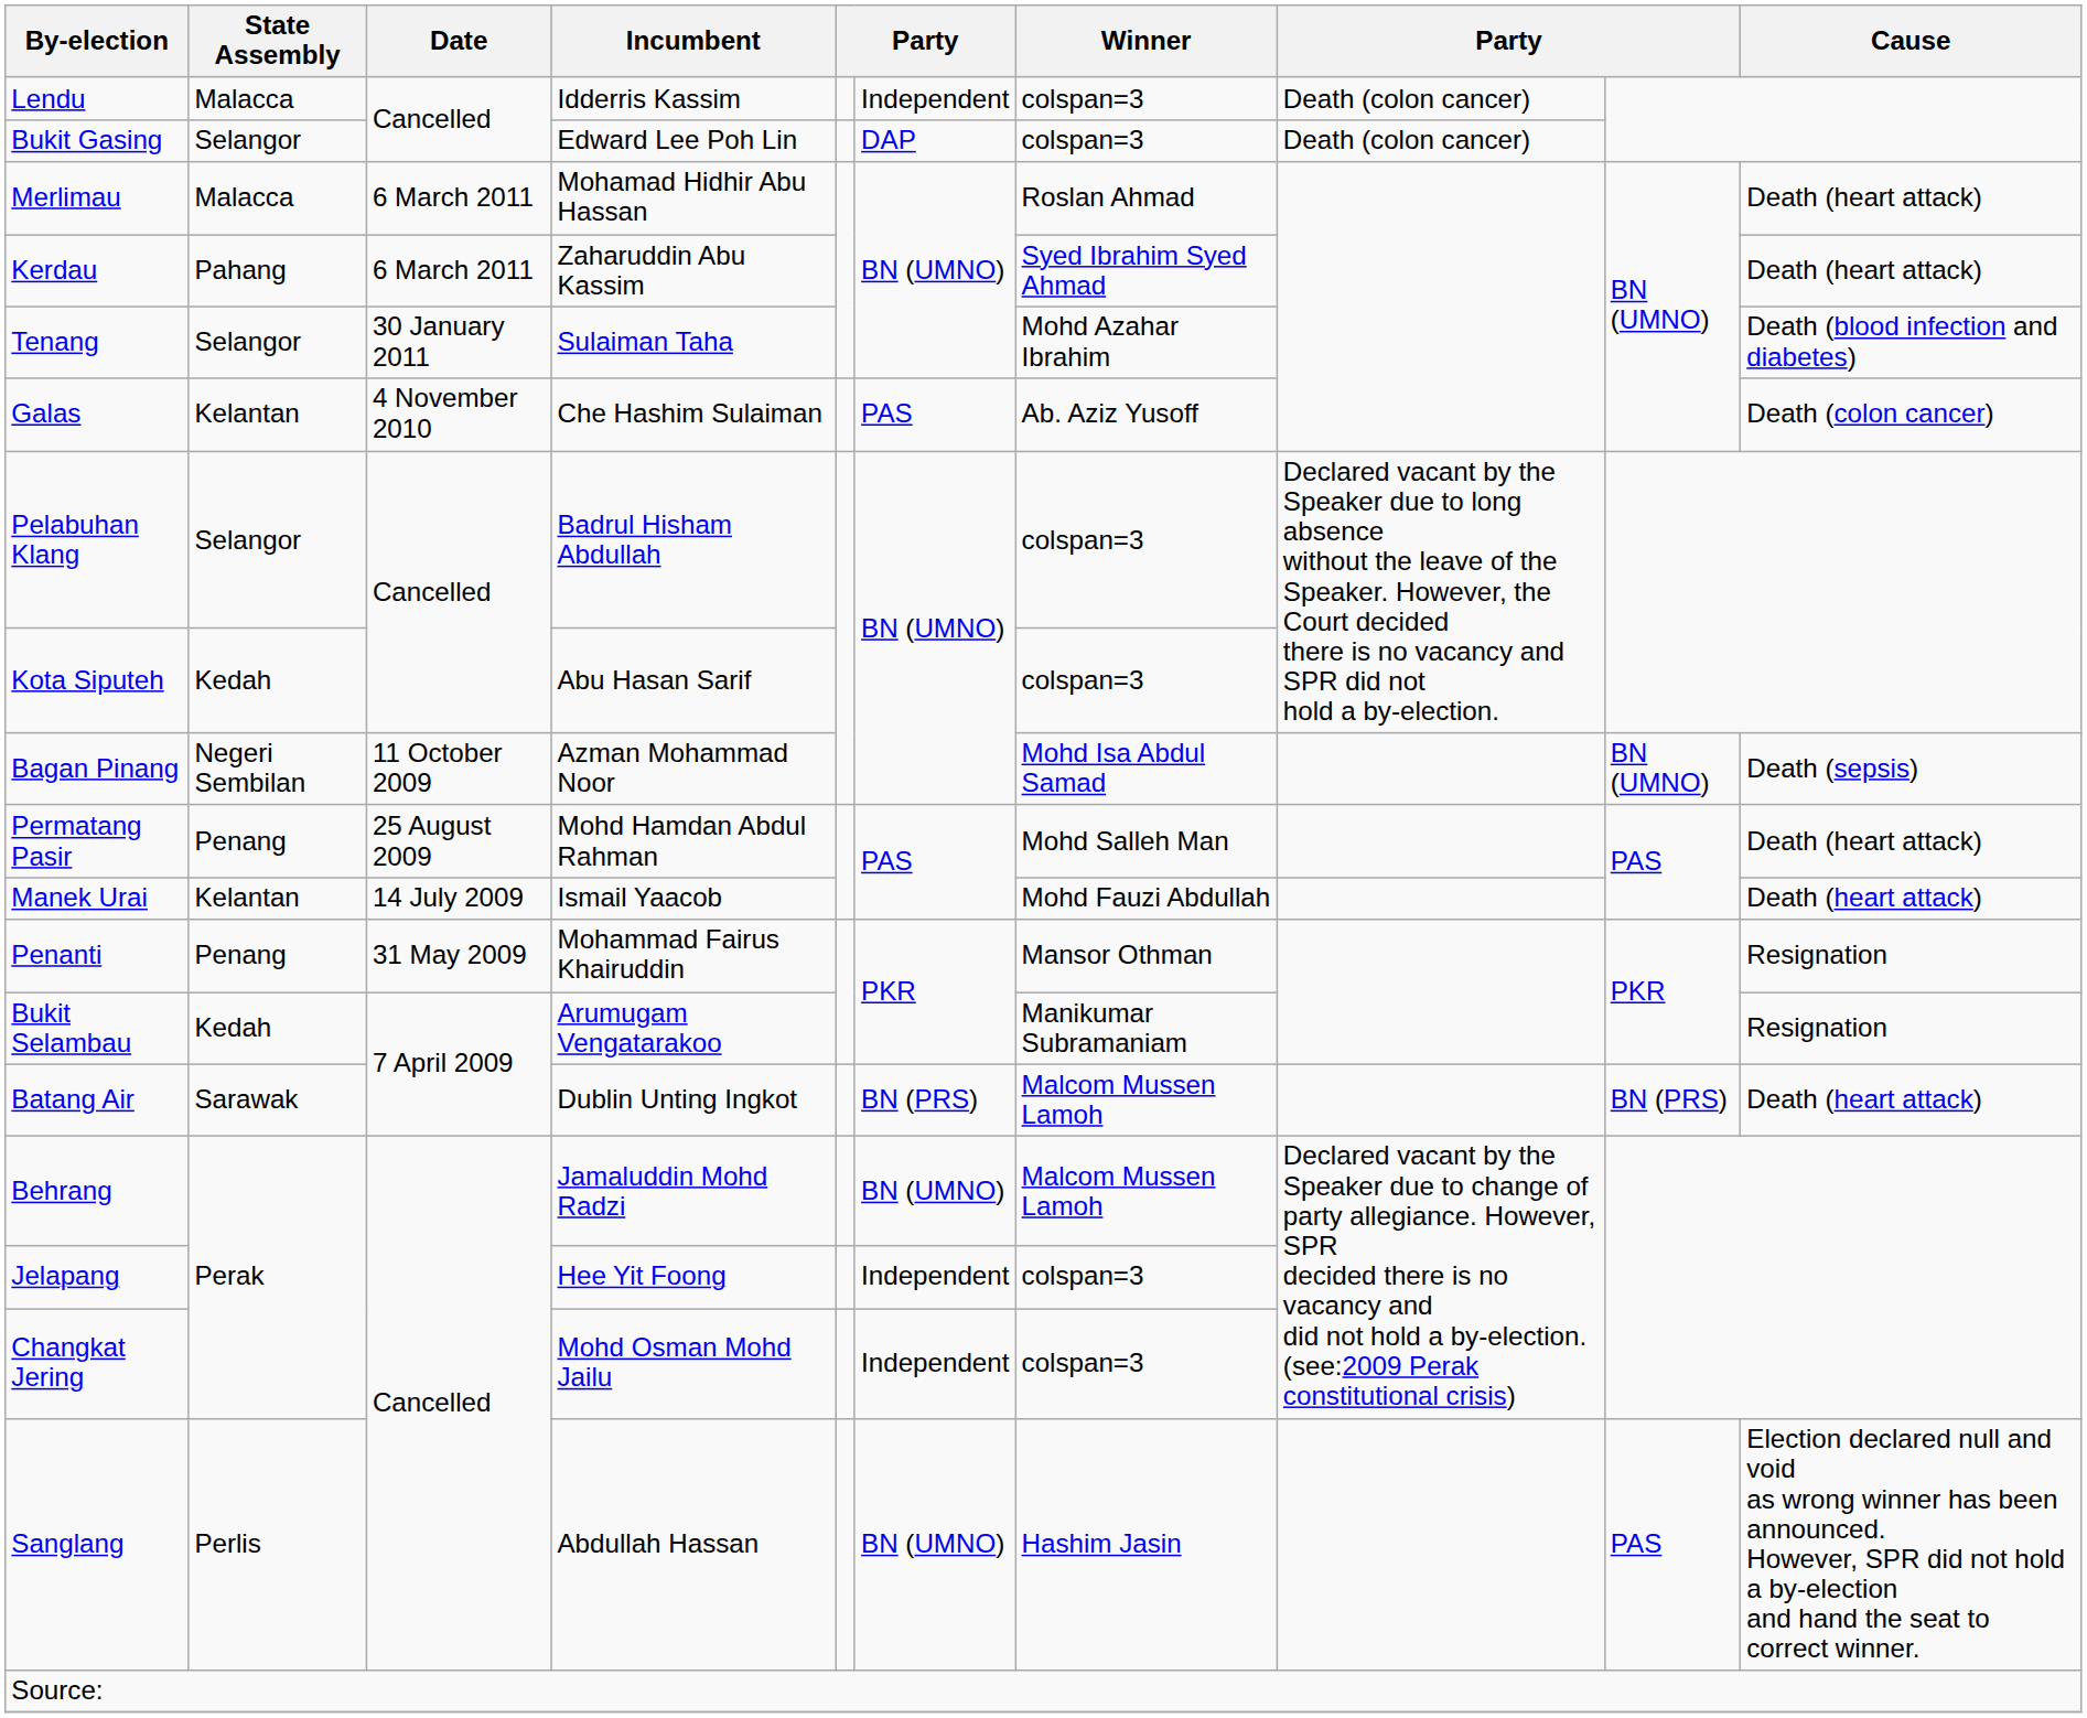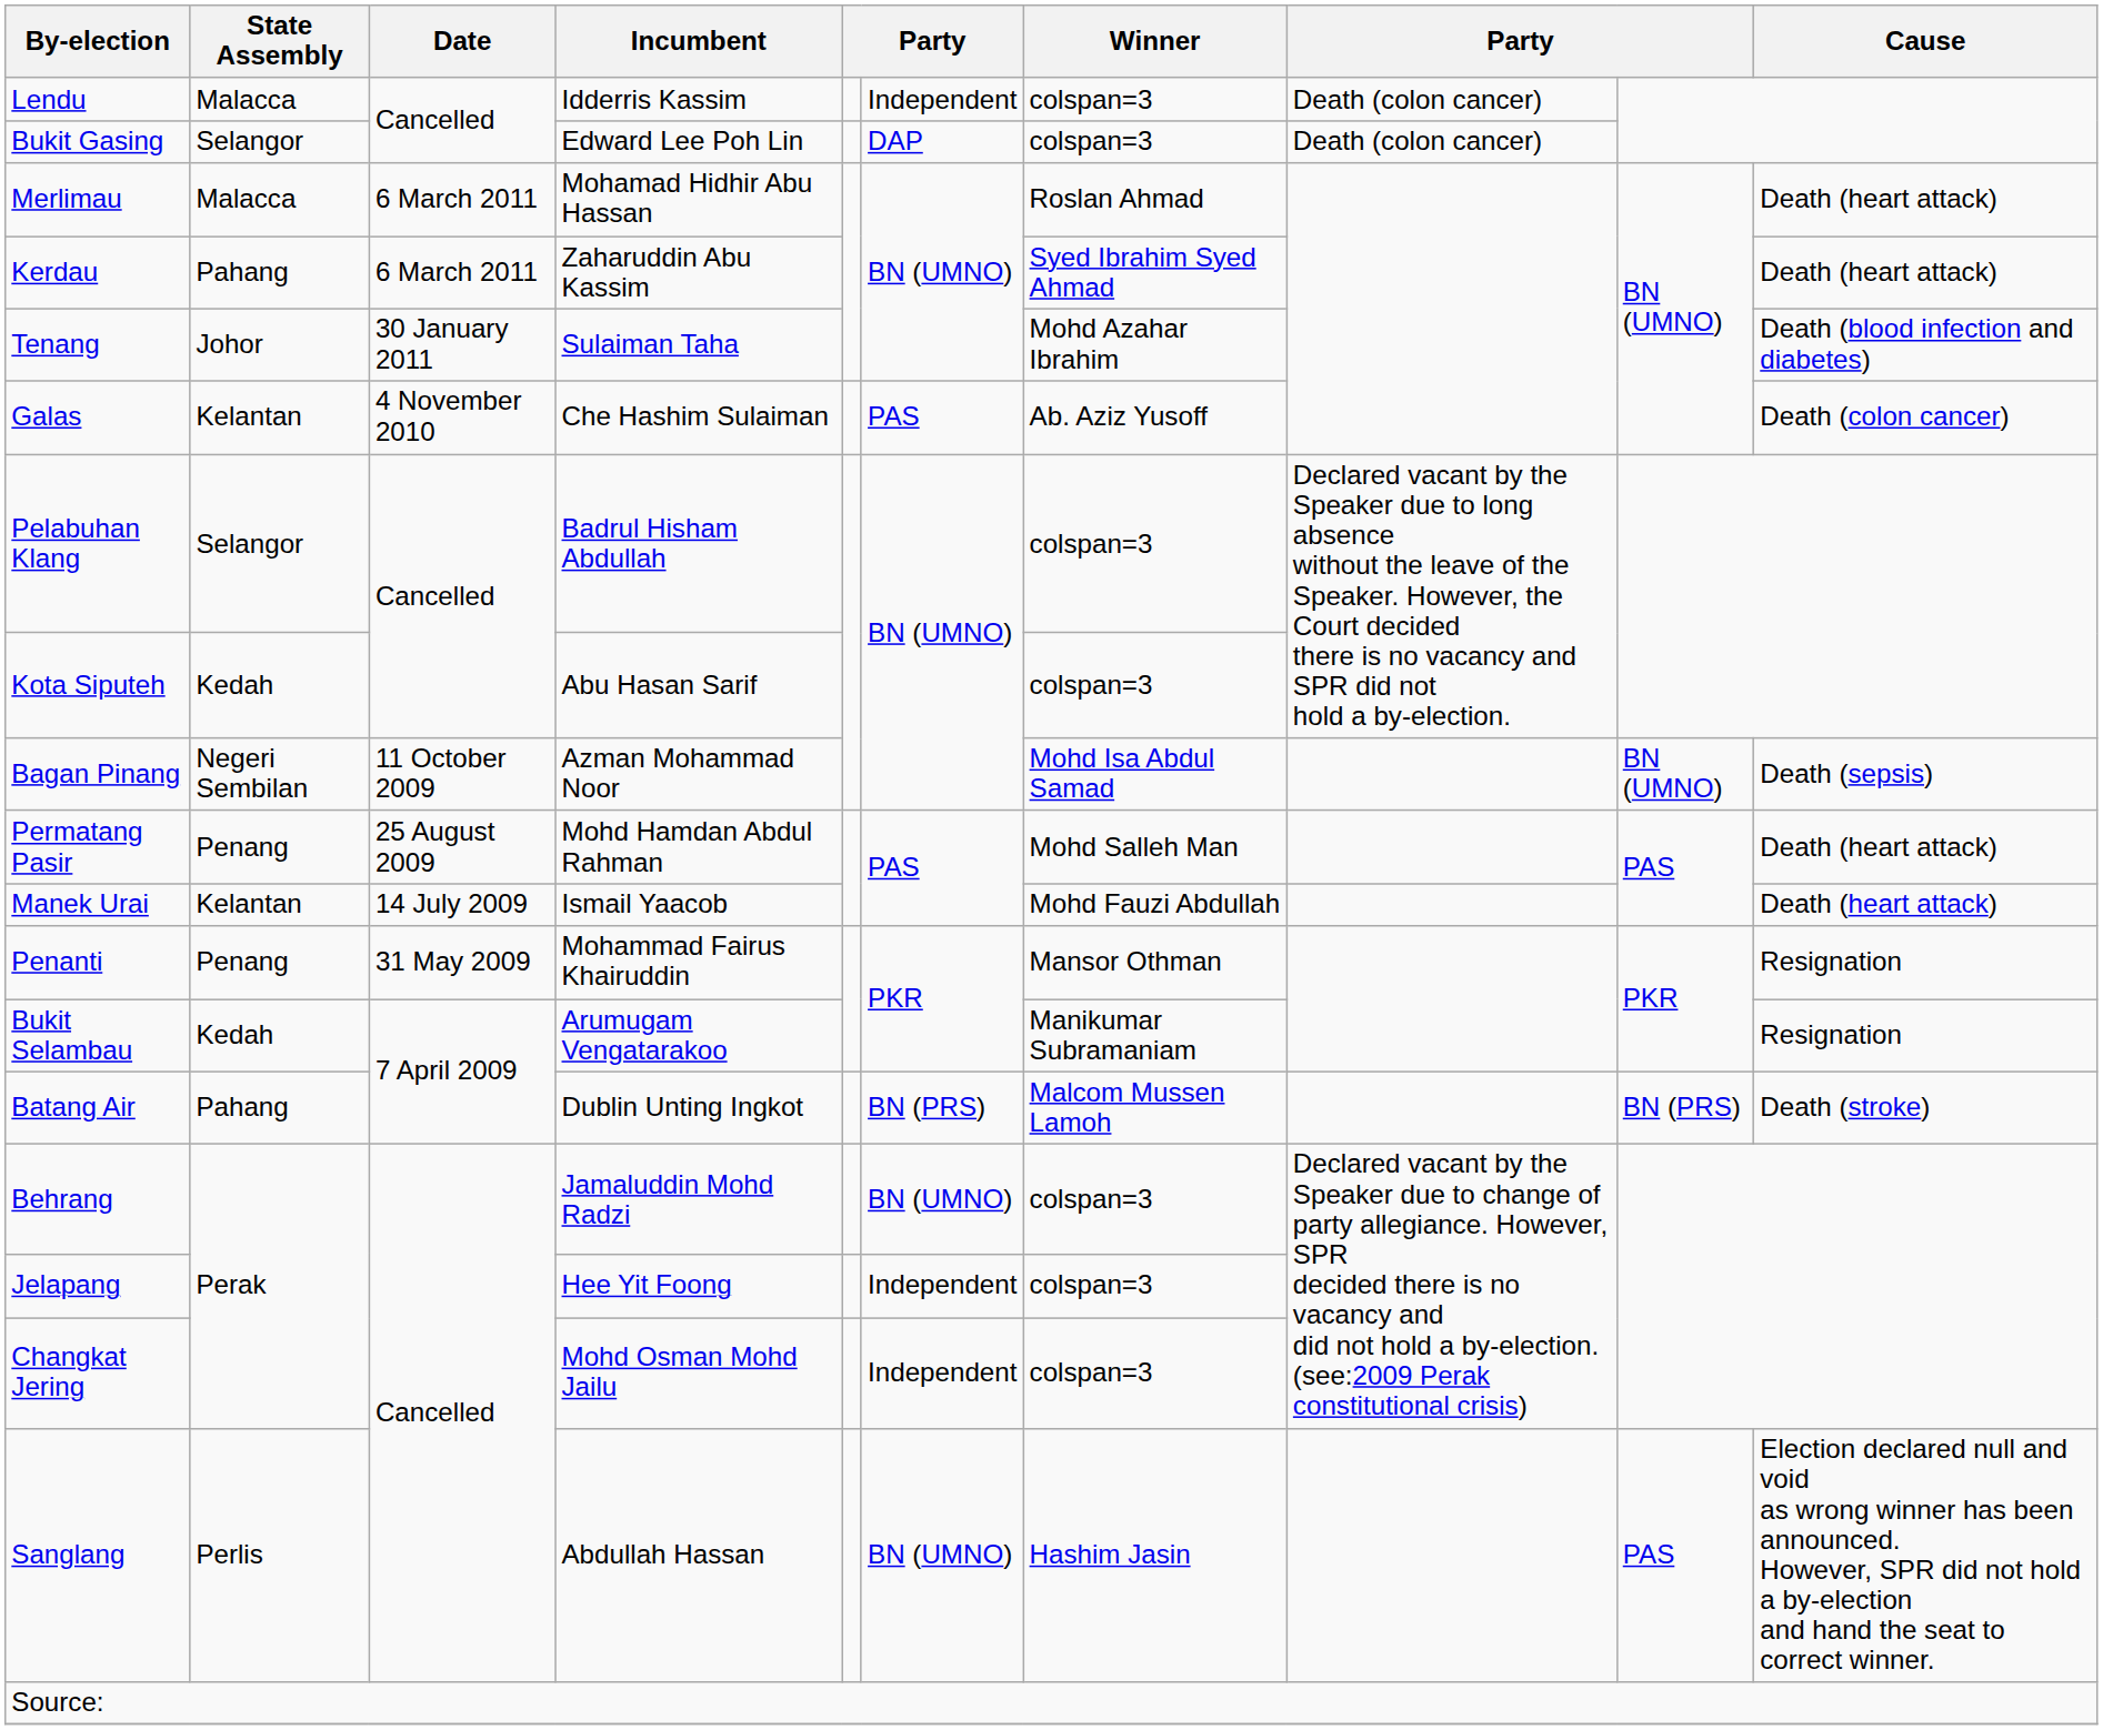 <table class="wikitable">
 <tr>
 <th>By-election</th>
 <th>State Assembly</th>
 <th>Date</th>
 <th>Incumbent</th>
 <th colspan=2>Party</th>
 <th>Winner</th>
 <th colspan=2>Party</th>
 <th>Cause</th>
 </tr>
 <tr>
 <td><a href='#'>Lendu</a></td>
 <td>Malacca</td>
 <td rowspan="2">Cancelled</td>
 <td>Idderris Kassim</td>
 <td> </td>
 <td>Independent</td>
 <td>colspan=3 </td>
 <td>Death (colon cancer)</td>
 </tr>
 <tr>
 <td><a href='#'>Bukit Gasing</a></td>
 <td>Selangor</td>
 <td>Edward Lee Poh Lin</td>
 <td> </td>
 <td><a href='#'>DAP</a></td>
 <td>colspan=3 </td>
 <td>Death (colon cancer)</td>
 </tr>
 <tr>
 <td><a href='#'>Merlimau</a></td>
 <td>Malacca</td>
 <td>6 March 2011</td>
 <td>Mohamad Hidhir Abu Hassan</td>
 <td rowspan="3" > </td>
 <td rowspan="3"><a href='#'>BN</a> (<a href='#'>UMNO</a>)</td>
 <td>Roslan Ahmad</td>
 <td rowspan="4" > </td>
 <td rowspan="4"><a href='#'>BN</a> (<a href='#'>UMNO</a>)</td>
 <td>Death (heart attack)</td>
 </tr>
 <tr>
 <td><a href='#'>Kerdau</a></td>
 <td>Pahang</td>
 <td>6 March 2011</td>
 <td>Zaharuddin Abu Kassim</td>
 <td><a href='#'>Syed Ibrahim Syed Ahmad</a></td>
 <td>Death (heart attack)</td>
 </tr>
 <tr>
 <td><a href='#'>Tenang</a></td>
-<td>Selangor</td>
+<td>Johor</td>
 <td>30 January 2011</td>
 <td><a href='#'>Sulaiman Taha</a></td>
 <td>Mohd Azahar Ibrahim</td>
 <td>Death (<a href='#'>blood infection</a> and <a href='#'>diabetes</a>)</td>
 </tr>
 <tr>
 <td><a href='#'>Galas</a></td>
 <td>Kelantan</td>
 <td>4 November 2010</td>
 <td>Che Hashim Sulaiman</td>
 <td> </td>
 <td><a href='#'>PAS</a></td>
 <td>Ab. Aziz Yusoff</td>
 <td>Death (<a href='#'>colon cancer</a>)</td>
 </tr>
 <tr>
 <td><a href='#'>Pelabuhan Klang</a></td>
 <td>Selangor</td>
 <td rowspan="2">Cancelled</td>
 <td><a href='#'>Badrul Hisham Abdullah</a></td>
 <td rowspan="3" > </td>
 <td rowspan="3"><a href='#'>BN</a> (<a href='#'>UMNO</a>)</td>
 <td>colspan=3 </td>
 <td rowspan="2">Declared vacant by the<br> Speaker due to long absence<br> without the leave of the<br> Speaker. However, the Court decided<br> there is no vacancy and SPR did not<br> hold a by-election.</td>
 </tr>
 <tr>
 <td><a href='#'>Kota Siputeh</a></td>
 <td>Kedah</td>
 <td>Abu Hasan Sarif</td>
 <td>colspan=3 </td>
 </tr>
 <tr>
 <td><a href='#'>Bagan Pinang</a></td>
 <td>Negeri Sembilan</td>
 <td>11 October 2009</td>
 <td>Azman Mohammad Noor</td>
 <td><a href='#'>Mohd Isa Abdul Samad</a></td>
 <td> </td>
 <td><a href='#'>BN</a> (<a href='#'>UMNO</a>)</td>
 <td>Death (<a href='#'>sepsis</a>)</td>
 </tr>
 <tr>
 <td><a href='#'>Permatang Pasir</a></td>
 <td>Penang</td>
 <td>25 August 2009</td>
 <td>Mohd Hamdan Abdul Rahman</td>
 <td rowspan="2" > </td>
 <td rowspan="2"><a href='#'>PAS</a></td>
 <td>Mohd Salleh Man</td>
 <td> </td>
 <td rowspan="2"><a href='#'>PAS</a></td>
 <td>Death (heart attack)</td>
 </tr>
 <tr>
 <td><a href='#'>Manek Urai</a></td>
 <td>Kelantan</td>
 <td>14 July 2009</td>
 <td>Ismail Yaacob</td>
 <td>Mohd Fauzi Abdullah</td>
 <td> </td>
 <td>Death (<a href='#'>heart attack</a>)</td>
 </tr>
 <tr>
 <td><a href='#'>Penanti</a></td>
 <td>Penang</td>
 <td>31 May 2009</td>
 <td>Mohammad Fairus Khairuddin</td>
 <td rowspan="2" > </td>
 <td rowspan="2"><a href='#'>PKR</a></td>
 <td>Mansor Othman</td>
 <td rowspan="2" > </td>
 <td rowspan="2"><a href='#'>PKR</a></td>
 <td>Resignation</td>
 </tr>
 <tr>
 <td><a href='#'>Bukit Selambau</a></td>
 <td>Kedah</td>
 <td rowspan="2">7 April 2009</td>
 <td><a href='#'>Arumugam Vengatarakoo</a></td>
 <td>Manikumar Subramaniam</td>
 <td>Resignation</td>
 </tr>
 <tr>
 <td><a href='#'>Batang Air</a></td>
-<td>Sarawak</td>
+<td>Pahang</td>
 <td>Dublin Unting Ingkot</td>
 <td> </td>
 <td><a href='#'>BN</a> (<a href='#'>PRS</a>)</td>
 <td><a href='#'>Malcom Mussen Lamoh</a></td>
 <td> </td>
 <td><a href='#'>BN</a> (<a href='#'>PRS</a>)</td>
-<td>Death (<a href='#'>heart attack</a>)</td>
+<td>Death (<a href='#'>stroke</a>)</td>
 </tr>
 <tr>
 <td><a href='#'>Behrang</a></td>
 <td rowspan="3">Perak</td>
 <td rowspan="4">Cancelled</td>
 <td><a href='#'>Jamaluddin Mohd Radzi</a></td>
 <td> </td>
 <td><a href='#'>BN</a> (<a href='#'>UMNO</a>)</td>
-<td><a href='#'>Malcom Mussen Lamoh</a></td>
+<td>colspan=3 </td>
 <td rowspan="3">Declared vacant by the<br> Speaker due to change of<br> party allegiance. However, SPR<br> decided there is no vacancy and<br> did not hold a by-election.<br>(see:<a href='#'>2009 Perak constitutional crisis</a>)</td>
 </tr>
 <tr>
 <td><a href='#'>Jelapang</a></td>
 <td><a href='#'>Hee Yit Foong</a></td>
 <td> </td>
 <td>Independent</td>
 <td>colspan=3 </td>
 </tr>
 <tr>
 <td><a href='#'>Changkat Jering</a></td>
 <td><a href='#'>Mohd Osman Mohd Jailu</a></td>
 <td> </td>
 <td>Independent</td>
 <td>colspan=3 </td>
 </tr>
 <tr>
 <td><a href='#'>Sanglang</a></td>
 <td>Perlis</td>
 <td>Abdullah Hassan</td>
 <td> </td>
 <td><a href='#'>BN</a> (<a href='#'>UMNO</a>)</td>
 <td><a href='#'>Hashim Jasin</a></td>
 <td> </td>
 <td><a href='#'>PAS</a></td>
 <td>Election declared null and void <br>as wrong winner has been announced.<br> However, SPR did not hold a by-election<br> and hand the seat to correct winner.</td>
 </tr>
 <tr>
 <td colspan="10">Source:</td>
 </tr>
 <tr>
 </tr>
 </table>
